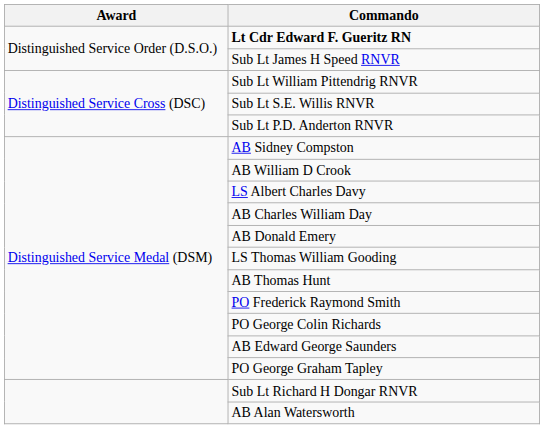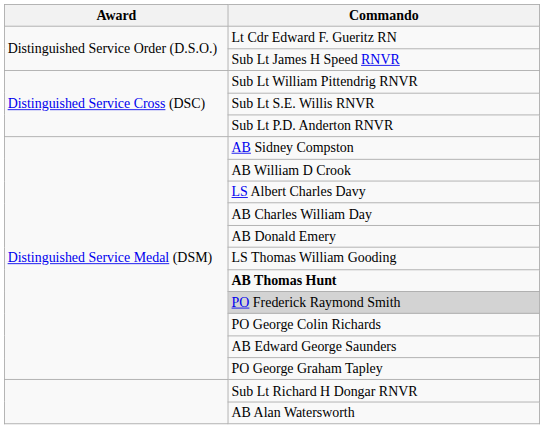 <table class="wikitable">
 <tr>
 <th scope="col" width="250">Award</th>
 <th scope="col" width="350">Commando</th>
 </tr>
 <tr>
 <td rowspan="2">Distinguished Service Order (D.S.O.)</td>
-<td><strong>Lt Cdr Edward F. Gueritz RN</strong></td>
+<td>Lt Cdr Edward F. Gueritz RN</td>
 </tr>
 <tr>
 <td>Sub Lt James H Speed <a href='#'>RNVR</a></td>
 </tr>
 <tr>
 <td rowspan="3"><a href='#'>Distinguished Service Cross</a> (DSC)</td>
 <td>Sub Lt William Pittendrig RNVR</td>
 </tr>
 <tr>
 <td>Sub Lt S.E. Willis RNVR</td>
 </tr>
 <tr>
 <td>Sub Lt P.D. Anderton RNVR</td>
 </tr>
 <tr>
 <td rowspan="11"><a href='#'>Distinguished Service Medal</a> (DSM)</td>
 <td><a href='#'>AB</a> Sidney Compston</td>
 </tr>
 <tr>
 <td>AB William D Crook</td>
 </tr>
 <tr>
 <td><a href='#'>LS</a> Albert Charles Davy</td>
 </tr>
 <tr>
 <td>AB Charles William Day</td>
 </tr>
 <tr>
 <td>AB Donald Emery</td>
 </tr>
 <tr>
 <td>LS Thomas William Gooding</td>
 </tr>
 <tr>
-<td>AB Thomas Hunt</td>
+<td><strong>AB Thomas Hunt</strong></td>
 </tr>
 <tr>
-<td><a href='#'>PO</a> Frederick Raymond Smith</td>
+<td style="background: lightgrey;"><a href='#'>PO</a> Frederick Raymond Smith</td>
 </tr>
 <tr>
 <td>PO George Colin Richards</td>
 </tr>
 <tr>
 <td>AB Edward George Saunders</td>
 </tr>
 <tr>
 <td>PO George Graham Tapley</td>
 </tr>
 <tr>
 <td rowspan="2"></td>
 <td>Sub Lt Richard H Dongar RNVR</td>
 </tr>
 <tr>
 <td>AB Alan Watersworth</td>
 </tr>
 </table>
